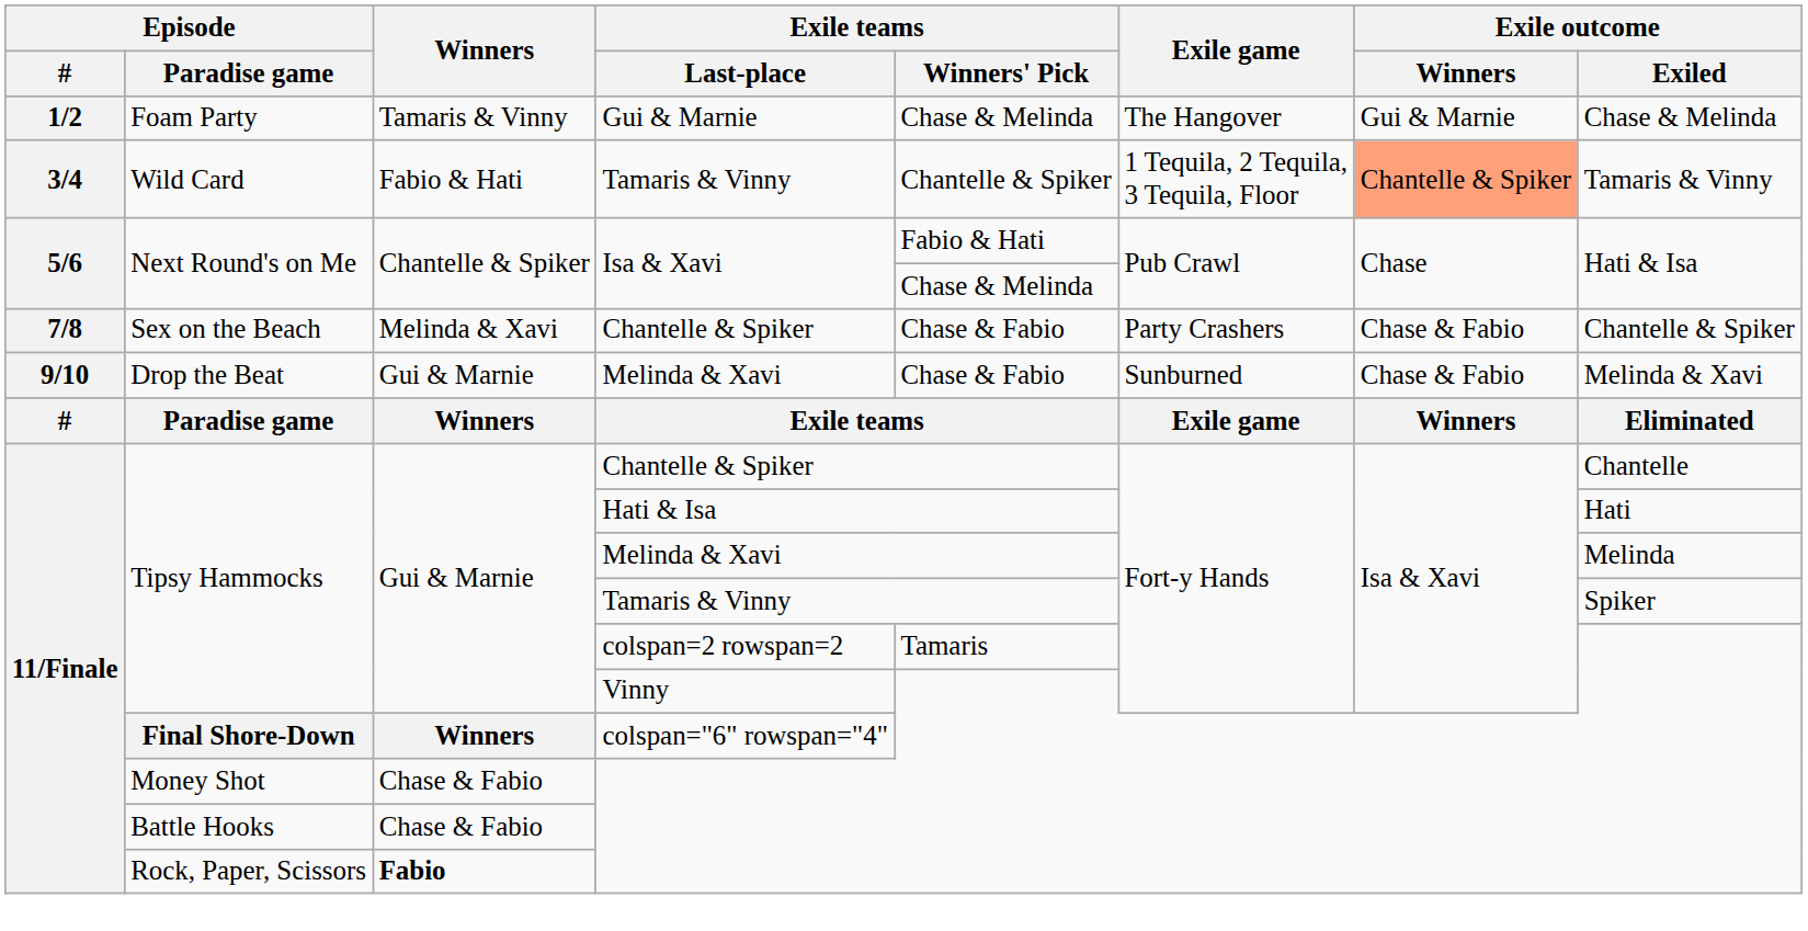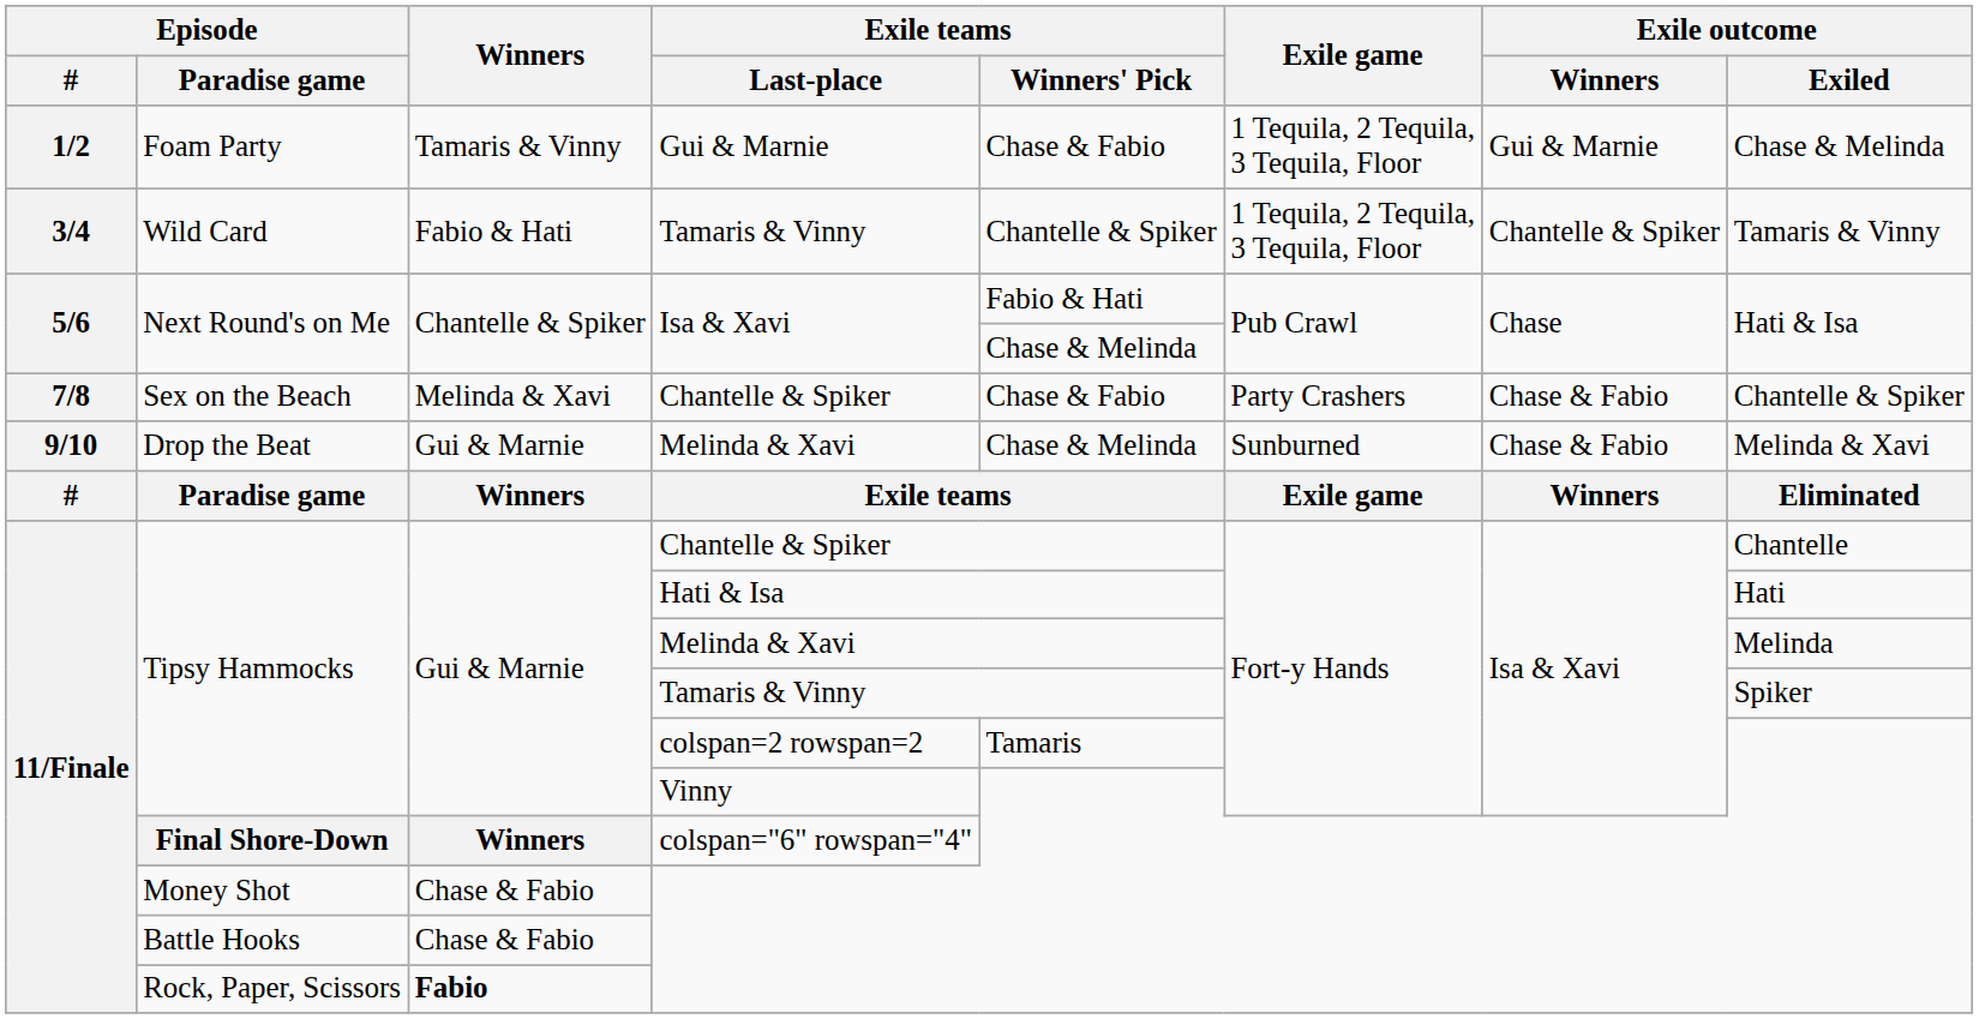 <table class="wikitable" style="font-size:90%; white-space:nowrap">
 <tr>
 <th colspan=2>Episode</th>
 <th rowspan=2>Winners</th>
 <th colspan=2>Exile teams</th>
 <th rowspan=2>Exile game</th>
 <th colspan=2>Exile outcome</th>
 </tr>
 <tr>
 <th>#</th>
 <th>Paradise game</th>
 <th>Last-place</th>
 <th>Winners' Pick</th>
 <th>Winners</th>
 <th>Exiled</th>
 </tr>
 <tr>
 <th>1/2</th>
 <td>Foam Party</td>
 <td>Tamaris & Vinny</td>
 <td>Gui & Marnie</td>
-<td>Chase & Melinda</td>
-<td>The Hangover</td>
+<td>Chase & Fabio</td>
+<td>1 Tequila, 2 Tequila,<br>3 Tequila, Floor</td>
 <td>Gui & Marnie</td>
 <td>Chase & Melinda</td>
 </tr>
 <tr>
 <th>3/4</th>
 <td>Wild Card</td>
 <td>Fabio & Hati</td>
 <td>Tamaris & Vinny</td>
 <td>Chantelle & Spiker</td>
 <td>1 Tequila, 2 Tequila,<br>3 Tequila, Floor</td>
-<td style="background: lightsalmon;">Chantelle & Spiker</td>
+<td>Chantelle & Spiker</td>
 <td>Tamaris & Vinny</td>
 </tr>
 <tr>
 <th rowspan=2>5/6</th>
 <td rowspan="2">Next Round's on Me</td>
 <td rowspan="2">Chantelle & Spiker</td>
 <td rowspan="2">Isa & Xavi</td>
 <td>Fabio & Hati</td>
 <td rowspan="2">Pub Crawl</td>
 <td rowspan="2">Chase</td>
 <td rowspan="2">Hati & Isa</td>
 </tr>
 <tr>
 <td>Chase & Melinda</td>
 </tr>
 <tr>
 <th>7/8</th>
 <td>Sex on the Beach</td>
 <td>Melinda & Xavi</td>
 <td>Chantelle & Spiker</td>
 <td>Chase & Fabio</td>
 <td>Party Crashers</td>
 <td>Chase & Fabio</td>
 <td>Chantelle & Spiker</td>
 </tr>
 <tr>
 <th>9/10</th>
 <td>Drop the Beat</td>
 <td>Gui & Marnie</td>
 <td>Melinda & Xavi</td>
-<td>Chase & Fabio</td>
+<td>Chase & Melinda</td>
 <td>Sunburned</td>
 <td>Chase & Fabio</td>
 <td>Melinda & Xavi</td>
 </tr>
 <tr>
 <th>#</th>
 <th>Paradise game</th>
 <th>Winners</th>
 <th colspan=2>Exile teams</th>
 <th>Exile game</th>
 <th>Winners</th>
 <th>Eliminated</th>
 </tr>
 <tr>
 <th rowspan=15>11/Finale</th>
 <td rowspan=6>Tipsy Hammocks</td>
 <td rowspan=6>Gui & Marnie</td>
 <td colspan=2>Chantelle & Spiker</td>
 <td rowspan=6>Fort-y Hands</td>
 <td rowspan=6>Isa & Xavi</td>
 <td>Chantelle</td>
 </tr>
 <tr>
 <td colspan=2>Hati & Isa</td>
 <td>Hati</td>
 </tr>
 <tr>
 <td colspan=2>Melinda & Xavi</td>
 <td>Melinda</td>
 </tr>
 <tr>
 <td colspan=2>Tamaris & Vinny</td>
 <td>Spiker</td>
 </tr>
 <tr>
 <td>colspan=2 rowspan=2 </td>
 <td>Tamaris</td>
 </tr>
 <tr>
 <td>Vinny</td>
 </tr>
 <tr>
 <th>Final Shore-Down</th>
 <th>Winners</th>
 <td>colspan="6" rowspan="4" </td>
 </tr>
 <tr>
 <td>Money Shot</td>
 <td>Chase & Fabio</td>
 </tr>
 <tr>
 <td>Battle Hooks</td>
 <td>Chase & Fabio</td>
 </tr>
 <tr>
 <td>Rock, Paper, Scissors</td>
 <td><strong>Fabio</strong></td>
 </tr>
 </table>
